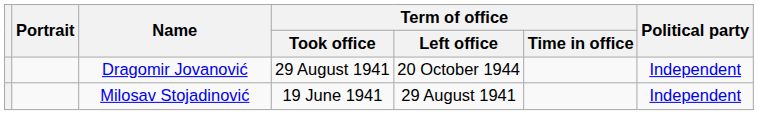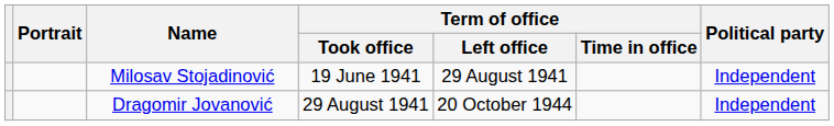 <table class="wikitable" style="text-align:center;">
 <tr>
 <th rowspan=2></th>
 <th rowspan=2>Portrait</th>
 <th rowspan=2 width=180>Name<br></th>
 <th colspan=3>Term of office</th>
 <th rowspan=2>Political party</th>
 </tr>
 <tr>
 <th>Took office</th>
 <th>Left office</th>
 <th>Time in office</th>
 </tr>
 <tr>
 <th style="background:"></th>
 <td></td>
+<td><a href='#'>Milosav Stojadinović</a></td>
+<td>19 June 1941</td>
+<td>29 August 1941</td>
+<td></td>
+<td><a href='#'>Independent</a></td>
+</tr>
+<tr>
+<th style="background:"></th>
+<td></td>
 <td><a href='#'>Dragomir Jovanović</a><br></td>
 <td>29 August 1941</td>
 <td>20 October 1944</td>
 <td></td>
 <td><a href='#'>Independent</a></td>
 </tr>
-<tr>
-<th style="background:"></th>
-<td></td>
-<td><a href='#'>Milosav Stojadinović</a></td>
-<td>19 June 1941</td>
-<td>29 August 1941</td>
-<td></td>
-<td><a href='#'>Independent</a></td>
-</tr>
 </table>
